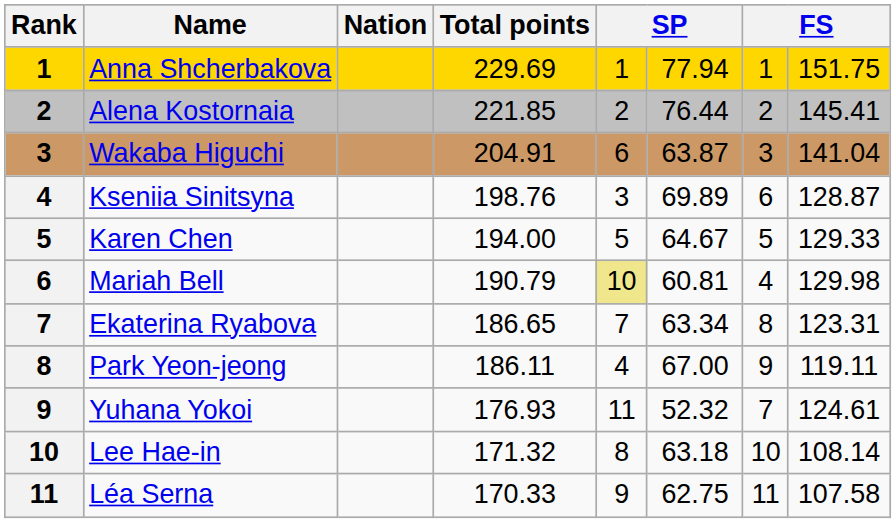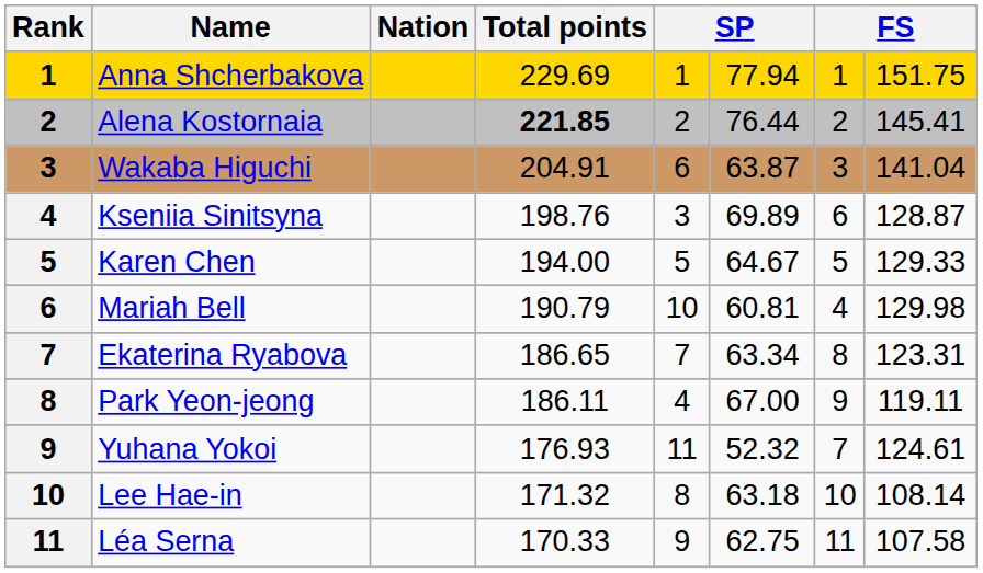 <table class="wikitable sortable">
 <tr>
 <th>Rank</th>
 <th>Name</th>
 <th>Nation</th>
 <th>Total points</th>
 <th colspan="2" width="80px"><a href='#'>SP</a></th>
 <th colspan="2" width="80px"><a href='#'>FS</a></th>
 </tr>
 <tr bgcolor="gold">
 <td align="center"><strong>1</strong></td>
 <td><a href='#'>Anna Shcherbakova</a></td>
 <td></td>
 <td align="center">229.69</td>
 <td align="center">1</td>
 <td align="center">77.94</td>
 <td align="center">1</td>
 <td align="center">151.75</td>
 </tr>
 <tr bgcolor="silver">
 <td align="center"><strong>2</strong></td>
 <td><a href='#'>Alena Kostornaia</a></td>
 <td></td>
-<td align="center">221.85</td>
+<td align="center"><strong>221.85</strong></td>
 <td align="center">2</td>
 <td align="center">76.44</td>
 <td align="center">2</td>
 <td align="center">145.41</td>
 </tr>
 <tr bgcolor="cc9966">
 <td align="center"><strong>3</strong></td>
 <td><a href='#'>Wakaba Higuchi</a></td>
 <td></td>
 <td align="center">204.91</td>
 <td align="center">6</td>
 <td align="center">63.87</td>
 <td align="center">3</td>
 <td align="center">141.04</td>
 </tr>
 <tr>
 <th>4</th>
 <td><a href='#'>Kseniia Sinitsyna</a></td>
 <td></td>
 <td align="center">198.76</td>
 <td align="center">3</td>
 <td align="center">69.89</td>
 <td align="center">6</td>
 <td align="center">128.87</td>
 </tr>
 <tr>
 <th>5</th>
 <td><a href='#'>Karen Chen</a></td>
 <td></td>
 <td align="center">194.00</td>
 <td align="center">5</td>
 <td align="center">64.67</td>
 <td align="center">5</td>
 <td align="center">129.33</td>
 </tr>
 <tr>
 <th>6</th>
 <td><a href='#'>Mariah Bell</a></td>
 <td></td>
 <td align="center">190.79</td>
-<td align="center" style="background: khaki;">10</td>
+<td align="center">10</td>
 <td align="center">60.81</td>
 <td align="center">4</td>
 <td align="center">129.98</td>
 </tr>
 <tr>
 <th>7</th>
 <td><a href='#'>Ekaterina Ryabova</a></td>
 <td></td>
 <td align="center">186.65</td>
 <td align="center">7</td>
 <td align="center">63.34</td>
 <td align="center">8</td>
 <td align="center">123.31</td>
 </tr>
 <tr>
 <th>8</th>
 <td><a href='#'>Park Yeon-jeong</a></td>
 <td></td>
 <td align="center">186.11</td>
 <td align="center">4</td>
 <td align="center">67.00</td>
 <td align="center">9</td>
 <td align="center">119.11</td>
 </tr>
 <tr>
 <th>9</th>
 <td><a href='#'>Yuhana Yokoi</a></td>
 <td></td>
 <td align="center">176.93</td>
 <td align="center">11</td>
 <td align="center">52.32</td>
 <td align="center">7</td>
 <td align="center">124.61</td>
 </tr>
 <tr>
 <th>10</th>
 <td><a href='#'>Lee Hae-in</a></td>
 <td></td>
 <td align="center">171.32</td>
 <td align="center">8</td>
 <td align="center">63.18</td>
 <td align="center">10</td>
 <td align="center">108.14</td>
 </tr>
 <tr>
 <th>11</th>
 <td><a href='#'>Léa Serna</a></td>
 <td></td>
 <td align="center">170.33</td>
 <td align="center">9</td>
 <td align="center">62.75</td>
 <td align="center">11</td>
 <td align="center">107.58</td>
 </tr>
 </table>
